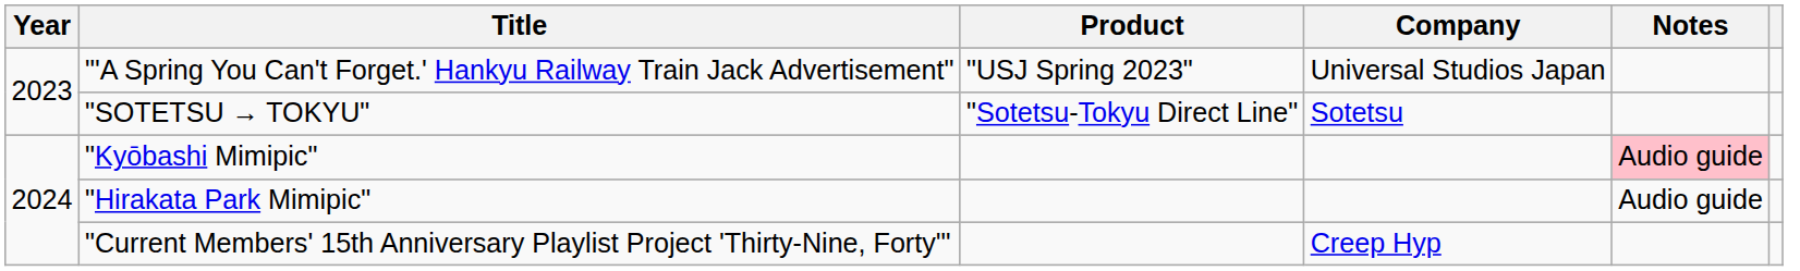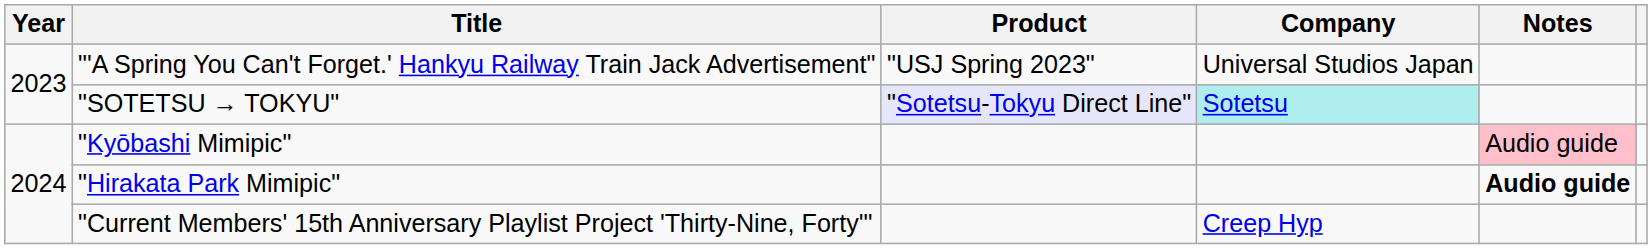 <table class="wikitable">
 <tr>
 <th>Year</th>
 <th>Title</th>
 <th>Product</th>
 <th>Company</th>
 <th>Notes</th>
 <th></th>
 </tr>
 <tr>
 <td rowspan="2">2023</td>
 <td>"'A Spring You Can't Forget.' <a href='#'>Hankyu Railway</a> Train Jack Advertisement"</td>
 <td>"USJ Spring 2023"</td>
 <td>Universal Studios Japan</td>
 <td></td>
 <td></td>
 </tr>
 <tr>
 <td>"SOTETSU → TOKYU"</td>
-<td>"<a href='#'>Sotetsu</a>-<a href='#'>Tokyu</a> Direct Line"</td>
-<td><a href='#'>Sotetsu</a></td>
+<td style="background: lavender;">"<a href='#'>Sotetsu</a>-<a href='#'>Tokyu</a> Direct Line"</td>
+<td style="background: paleturquoise;"><a href='#'>Sotetsu</a></td>
 <td></td>
 <td></td>
 </tr>
 <tr>
 <td rowspan="3">2024</td>
 <td>"<a href='#'>Kyōbashi</a> Mimipic"</td>
 <td></td>
 <td></td>
 <td style="background: pink;">Audio guide</td>
 <td></td>
 </tr>
 <tr>
 <td>"<a href='#'>Hirakata Park</a> Mimipic"</td>
 <td></td>
 <td></td>
-<td>Audio guide</td>
+<td><strong>Audio guide</strong></td>
 <td></td>
 </tr>
 <tr>
 <td>"Current Members' 15th Anniversary Playlist Project 'Thirty-Nine, Forty'"</td>
 <td></td>
 <td><a href='#'>Creep Hyp</a></td>
 <td></td>
 <td></td>
 </tr>
 </table>
